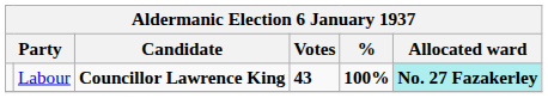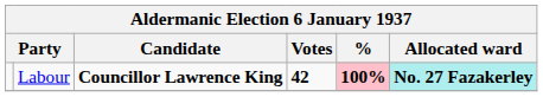 <table class="wikitable">
 <tr>
 <th colspan="6"><strong>Aldermanic Election 6 January 1937</strong></th>
 </tr>
 <tr>
 <th colspan="2">Party</th>
 <th>Candidate</th>
 <th>Votes</th>
 <th>%</th>
 <th>Allocated ward</th>
 </tr>
 <tr>
 <td style="background-color:"></td>
 <td><a href='#'>Labour</a></td>
 <td><strong>Councillor Lawrence King</strong></td>
-<td><strong>43</strong></td>
-<td><strong>100%</strong></td>
+<td><strong>42</strong></td>
+<td style="background: pink;"><strong>100%</strong></td>
 <td style="background: paleturquoise;"><strong>No. 27 Fazakerley</strong></td>
 </tr>
 <tr>
 </tr>
 </table>
